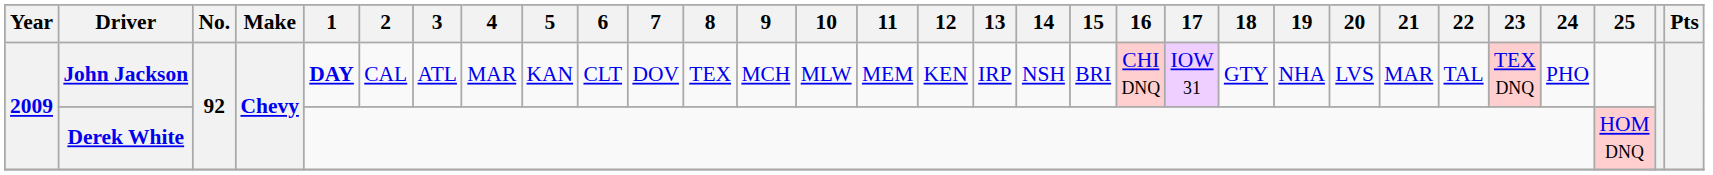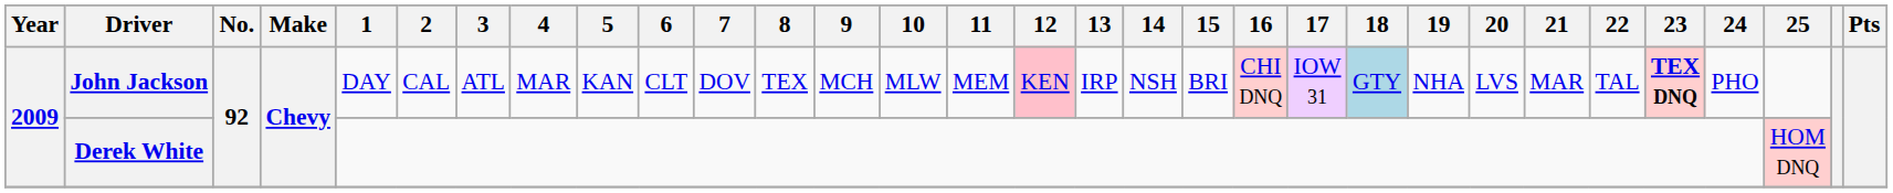 <table class="wikitable" style="text-align:center; font-size:75%">
 <tr>
 <th>Year</th>
 <th>Driver</th>
 <th>No.</th>
 <th>Make</th>
 <th>1</th>
 <th>2</th>
 <th>3</th>
 <th>4</th>
 <th>5</th>
 <th>6</th>
 <th>7</th>
 <th>8</th>
 <th>9</th>
 <th>10</th>
 <th>11</th>
 <th>12</th>
 <th>13</th>
 <th>14</th>
 <th>15</th>
 <th>16</th>
 <th>17</th>
 <th>18</th>
 <th>19</th>
 <th>20</th>
 <th>21</th>
 <th>22</th>
 <th>23</th>
 <th>24</th>
 <th>25</th>
 <th></th>
 <th>Pts</th>
 </tr>
 <tr>
 <th rowspan=2><a href='#'>2009</a></th>
 <th><a href='#'>John Jackson</a></th>
 <th rowspan=2>92</th>
 <th rowspan=2><a href='#'>Chevy</a></th>
-<td><strong><a href='#'>DAY</a></strong></td>
+<td><a href='#'>DAY</a></td>
 <td><a href='#'>CAL</a></td>
 <td><a href='#'>ATL</a></td>
 <td><a href='#'>MAR</a></td>
 <td><a href='#'>KAN</a></td>
 <td><a href='#'>CLT</a></td>
 <td><a href='#'>DOV</a></td>
 <td><a href='#'>TEX</a></td>
 <td><a href='#'>MCH</a></td>
 <td><a href='#'>MLW</a></td>
 <td><a href='#'>MEM</a></td>
-<td><a href='#'>KEN</a></td>
+<td style="background: pink;"><a href='#'>KEN</a></td>
 <td><a href='#'>IRP</a></td>
 <td><a href='#'>NSH</a></td>
 <td><a href='#'>BRI</a></td>
 <td style="background:#FFCFCF;"><a href='#'>CHI</a><br><small>DNQ</small></td>
 <td style="background:#EFCFFF;"><a href='#'>IOW</a><br><small>31</small></td>
-<td><a href='#'>GTY</a></td>
+<td style="background: lightblue;"><a href='#'>GTY</a></td>
 <td><a href='#'>NHA</a></td>
 <td><a href='#'>LVS</a></td>
 <td><a href='#'>MAR</a></td>
 <td><a href='#'>TAL</a></td>
-<td style="background:#FFCFCF;"><a href='#'>TEX</a><br><small>DNQ</small></td>
+<td style="background:#FFCFCF;"><strong><a href='#'>TEX</a><br><small>DNQ</small></strong></td>
 <td><a href='#'>PHO</a></td>
 <td></td>
 <th rowspan=2></th>
 <th rowspan=2></th>
 </tr>
 <tr>
 <th><a href='#'>Derek White</a></th>
 <td colspan=24></td>
 <td style="background:#FFCFCF;"><a href='#'>HOM</a><br><small>DNQ</small></td>
 </tr>
 <tr>
 </tr>
 </table>
